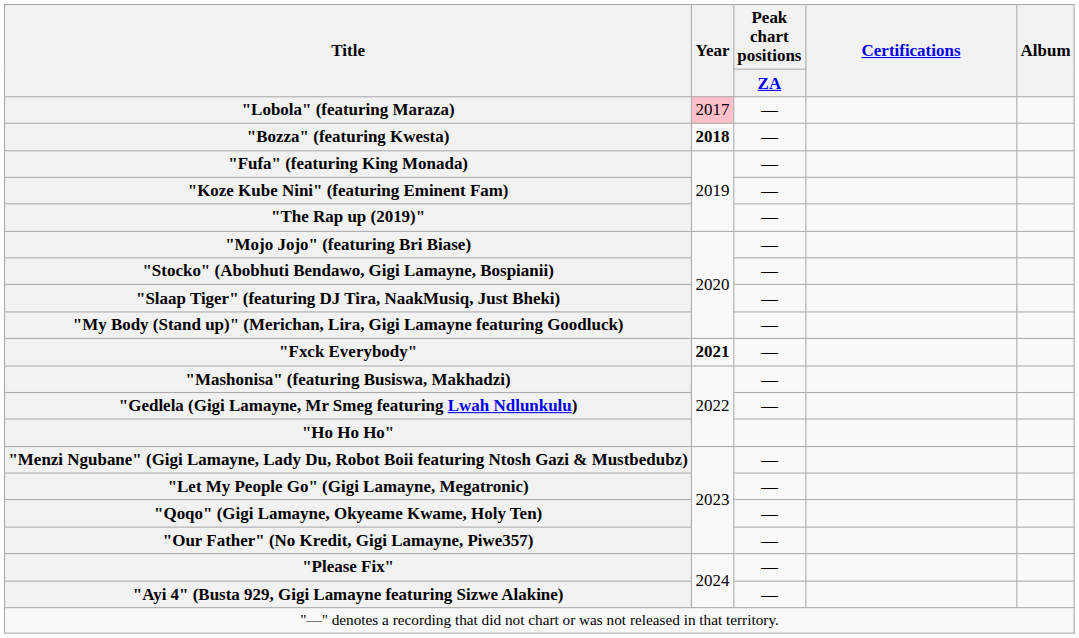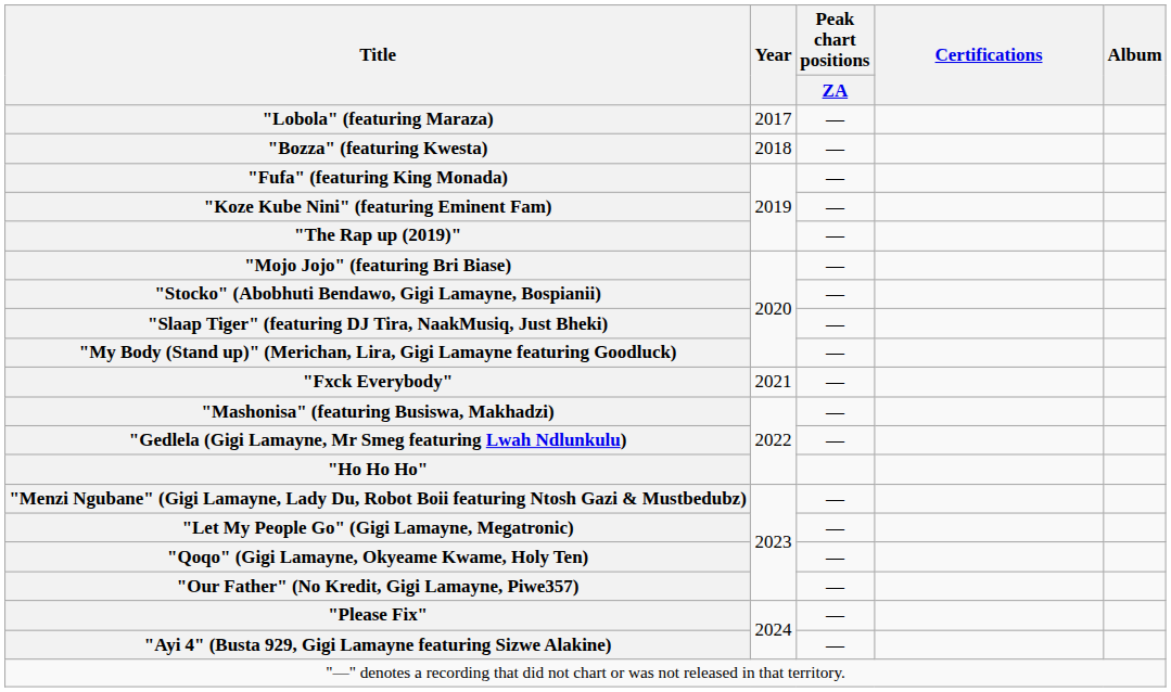 <table class="wikitable plainrowheaders" style="text-align:center;">
 <tr>
 <th scope="col" rowspan="2">Title</th>
 <th scope="col" rowspan="2">Year</th>
 <th scope="col" colspan="1">Peak chart positions</th>
 <th scope="col" rowspan="2" style="width:12em;"><a href='#'>Certifications</a></th>
 <th scope="col" rowspan="2">Album</th>
 </tr>
 <tr>
 <th scope="col" style="width:3em;font-size:100%;"><a href='#'>ZA</a><br></th>
 </tr>
 <tr>
 <th scope="row">"Lobola" (featuring Maraza)</th>
-<td style="background: pink;">2017</td>
+<td>2017</td>
 <td>—</td>
 <td></td>
 <td></td>
 </tr>
 <tr>
 <th scope="row">"Bozza" (featuring Kwesta)</th>
-<td><strong>2018</strong></td>
+<td>2018</td>
 <td>—</td>
 <td></td>
 <td></td>
 </tr>
 <tr>
 <th scope="row">"Fufa" (featuring King Monada)</th>
 <td rowspan=3>2019</td>
 <td>—</td>
 <td></td>
 <td></td>
 </tr>
 <tr>
 <th scope="row">"Koze Kube Nini" (featuring Eminent Fam)</th>
 <td>—</td>
 <td></td>
 <td></td>
 </tr>
 <tr>
 <th scope="row">"The Rap up (2019)"</th>
 <td>—</td>
 <td></td>
 <td></td>
 </tr>
 <tr>
 <th scope="row">"Mojo Jojo" (featuring Bri Biase)</th>
 <td rowspan=4>2020</td>
 <td>—</td>
 <td></td>
 <td></td>
 </tr>
 <tr>
 <th scope="row">"Stocko" (Abobhuti Bendawo, Gigi Lamayne, Bospianii)</th>
 <td>—</td>
 <td></td>
 <td></td>
 </tr>
 <tr>
 <th scope="row">"Slaap Tiger" (featuring DJ Tira, NaakMusiq, Just Bheki)</th>
 <td>—</td>
 <td></td>
 <td></td>
 </tr>
 <tr>
 <th scope="row">"My Body (Stand up)" (Merichan, Lira, Gigi Lamayne featuring Goodluck)</th>
 <td>—</td>
 <td></td>
 <td></td>
 </tr>
 <tr>
 <th scope="row">"Fxck Everybody"</th>
-<td><strong>2021</strong></td>
+<td>2021</td>
 <td>—</td>
 <td></td>
 <td></td>
 </tr>
 <tr>
 <th scope="row">"Mashonisa" (featuring Busiswa, Makhadzi)</th>
 <td rowspan=3>2022</td>
 <td>—</td>
 <td></td>
 <td></td>
 </tr>
 <tr>
 <th scope="row">"Gedlela (Gigi Lamayne, Mr Smeg featuring <a href='#'>Lwah Ndlunkulu</a>)</th>
 <td>—</td>
 <td></td>
 <td></td>
 </tr>
 <tr>
 <th scope="row">"Ho Ho Ho"</th>
 <td></td>
 <td></td>
 <td></td>
 </tr>
 <tr>
 <th scope="row">"Menzi Ngubane" (Gigi Lamayne, Lady Du, Robot Boii featuring Ntosh Gazi & Mustbedubz)</th>
 <td rowspan=4>2023</td>
 <td>—</td>
 <td></td>
 <td></td>
 </tr>
 <tr>
 <th scope="row">"Let My People Go" (Gigi Lamayne, Megatronic)</th>
 <td>—</td>
 <td></td>
 <td></td>
 </tr>
 <tr>
 <th scope="row">"Qoqo" (Gigi Lamayne, Okyeame Kwame, Holy Ten)</th>
 <td>—</td>
 <td></td>
 <td></td>
 </tr>
 <tr>
 <th scope="row">"Our Father" (No Kredit, Gigi Lamayne, Piwe357)</th>
 <td>—</td>
 <td></td>
 <td></td>
 </tr>
 <tr>
 <th scope="row">"Please Fix"</th>
 <td rowspan=2>2024</td>
 <td>—</td>
 <td></td>
 <td></td>
 </tr>
 <tr>
 <th scope="row">"Ayi 4" (Busta 929, Gigi Lamayne featuring Sizwe Alakine)</th>
 <td>—</td>
 <td></td>
 <td></td>
 </tr>
 <tr>
 <td colspan="8" style="font-size:90%">"—" denotes a recording that did not chart or was not released in that territory.</td>
 </tr>
 </table>
